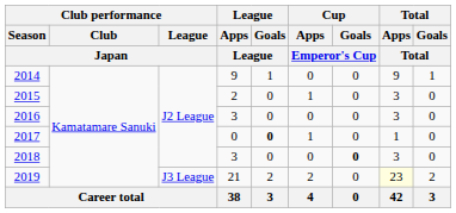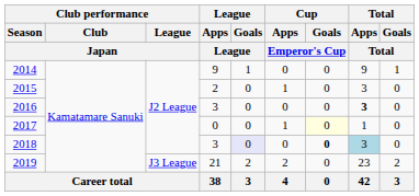 <table class="wikitable" style="text-align:center">
 <tr>
 <th colspan=3>Club performance</th>
 <th colspan=2>League</th>
 <th colspan=2>Cup</th>
 <th colspan=2>Total</th>
 </tr>
 <tr>
 <th>Season</th>
 <th>Club</th>
 <th>League</th>
 <th>Apps</th>
 <th>Goals</th>
 <th>Apps</th>
 <th>Goals</th>
 <th>Apps</th>
 <th>Goals</th>
 </tr>
 <tr>
 <th colspan=3>Japan</th>
 <th colspan=2>League</th>
 <th colspan=2><a href='#'>Emperor's Cup</a></th>
 <th colspan=2>Total</th>
 </tr>
 <tr>
 <td><a href='#'>2014</a></td>
 <td rowspan="6"><a href='#'>Kamatamare Sanuki</a></td>
 <td rowspan="5"><a href='#'>J2 League</a></td>
 <td>9</td>
 <td>1</td>
 <td>0</td>
 <td>0</td>
 <td>9</td>
 <td>1</td>
 </tr>
 <tr>
 <td><a href='#'>2015</a></td>
 <td>2</td>
 <td>0</td>
 <td>1</td>
 <td>0</td>
 <td>3</td>
 <td>0</td>
 </tr>
 <tr>
 <td><a href='#'>2016</a></td>
 <td>3</td>
 <td>0</td>
 <td>0</td>
 <td>0</td>
-<td>3</td>
+<td><strong>3</strong></td>
 <td>0</td>
 </tr>
 <tr>
 <td><a href='#'>2017</a></td>
 <td>0</td>
-<td><strong>0</strong></td>
+<td>0</td>
 <td>1</td>
-<td>0</td>
+<td style="background: lightyellow;">0</td>
 <td>1</td>
 <td>0</td>
 </tr>
 <tr>
 <td><a href='#'>2018</a></td>
 <td>3</td>
-<td>0</td>
+<td style="background: lavender;">0</td>
 <td>0</td>
 <td><strong>0</strong></td>
-<td>3</td>
+<td style="background: lightblue;">3</td>
 <td>0</td>
 </tr>
 <tr>
 <td><a href='#'>2019</a></td>
 <td><a href='#'>J3 League</a></td>
 <td>21</td>
 <td>2</td>
 <td>2</td>
 <td>0</td>
-<td style="background: lightyellow;">23</td>
+<td>23</td>
 <td>2</td>
 </tr>
 <tr>
 <th colspan=3>Career total</th>
 <th>38</th>
 <th>3</th>
 <th>4</th>
 <th>0</th>
 <th>42</th>
 <th>3</th>
 </tr>
 </table>
